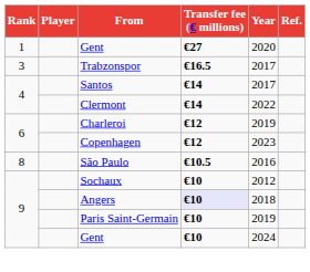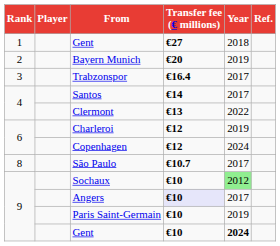 <table class="wikitable" style="text-align: center;">
 <tr>
 <th style="background:#E83C34; color:#FFFFFF; ">Rank</th>
 <th style="background:#E83C34; color:#FFFFFF; ">Player</th>
 <th style="background:#E83C34; color:#FFFFFF; ">From</th>
 <th style="background:#E83C34; color:#FFFFFF; ">Transfer fee<br>(<a href='#'>€</a> millions)</th>
 <th style="background:#E83C34; color:#FFFFFF; ">Year</th>
 <th style="background:#E83C34; color:#FFFFFF; ">Ref.</th>
 </tr>
 <tr>
 <td>1</td>
 <td align=left> </td>
 <td align=left> <a href='#'>Gent</a></td>
 <td align=left><strong>€27</strong></td>
-<td>2020</td>
+<td>2018</td>
+<td></td>
+</tr>
+<tr>
+<td>2</td>
+<td align=left> </td>
+<td align=left> <a href='#'>Bayern Munich</a></td>
+<td align=left><strong>€20</strong></td>
+<td>2019</td>
 <td></td>
 </tr>
 <tr>
 <td>3</td>
 <td align=left> </td>
 <td align=left> <a href='#'>Trabzonspor</a></td>
-<td align=left><strong>€16.5</strong></td>
+<td align=left><strong>€16.4</strong></td>
 <td>2017</td>
 <td></td>
 </tr>
 <tr>
 <td rowspan=2>4</td>
 <td align=left> </td>
 <td align=left> <a href='#'>Santos</a></td>
 <td align=left><strong>€14</strong></td>
 <td>2017</td>
 <td></td>
 </tr>
 <tr>
 <td align=left> </td>
 <td align=left> <a href='#'>Clermont</a></td>
-<td align=left><strong>€14</strong></td>
+<td align=left><strong>€13</strong></td>
 <td>2022</td>
 <td></td>
 </tr>
 <tr>
 <td rowspan=2>6</td>
 <td align=left> </td>
 <td align=left> <a href='#'>Charleroi</a></td>
 <td align=left><strong>€12</strong></td>
 <td>2019</td>
 <td></td>
 </tr>
 <tr>
 <td align=left> </td>
 <td align=left> <a href='#'>Copenhagen</a></td>
 <td align=left><strong>€12</strong></td>
-<td>2023</td>
+<td>2024</td>
 <td></td>
 </tr>
 <tr>
 <td>8</td>
 <td align=left> </td>
 <td align=left> <a href='#'>São Paulo</a></td>
-<td align=left><strong>€10.5</strong></td>
-<td>2016</td>
+<td align=left><strong>€10.7</strong></td>
+<td>2017</td>
 <td></td>
 </tr>
 <tr>
 <td rowspan=4>9</td>
 <td align=left> </td>
 <td align=left> <a href='#'>Sochaux</a></td>
 <td align=left><strong>€10</strong></td>
-<td>2012</td>
+<td style="background: lightgreen;">2012</td>
 <td></td>
 </tr>
 <tr>
 <td align=left> </td>
 <td align=left> <a href='#'>Angers</a></td>
 <td align=left style="background: lavender;"><strong>€10</strong></td>
-<td>2018</td>
+<td>2017</td>
 <td></td>
 </tr>
 <tr>
 <td align=left> </td>
 <td align=left> <a href='#'>Paris Saint-Germain</a></td>
 <td align=left><strong>€10</strong></td>
 <td>2019</td>
 <td></td>
 </tr>
 <tr>
 <td align=left> </td>
 <td align=left> <a href='#'>Gent</a></td>
 <td align=left><strong>€10</strong></td>
-<td>2024</td>
+<td><strong>2024</strong></td>
 <td></td>
 </tr>
 </table>
